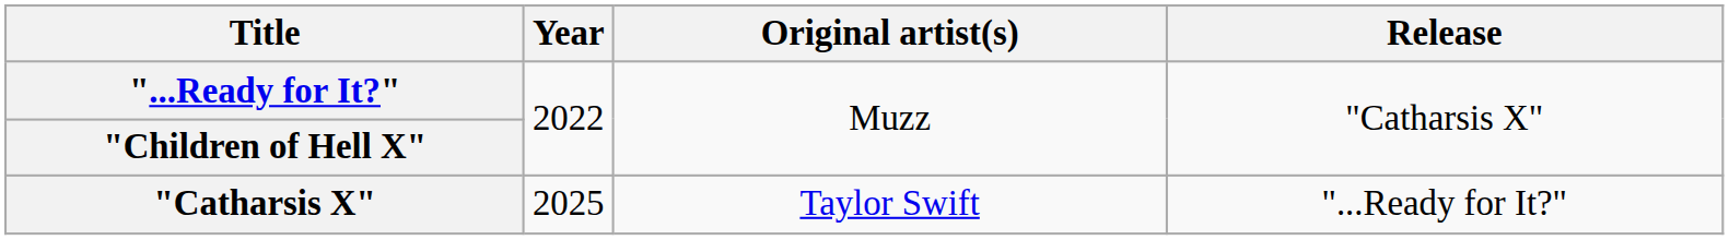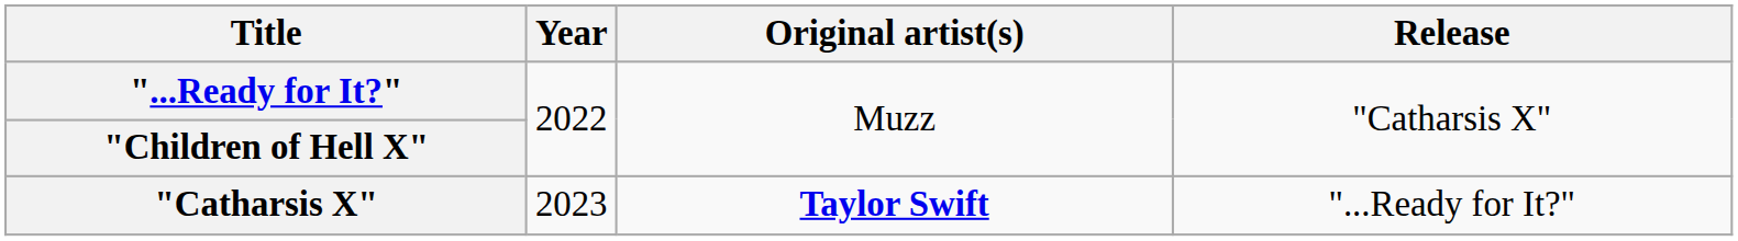 <table class="wikitable plainrowheaders" style="text-align:center;">
 <tr>
 <th scope="col" style="width:14em;">Title</th>
 <th scope="col">Year</th>
 <th scope="col" style="width:15em;">Original artist(s)</th>
 <th scope="col" style="width:15em;">Release</th>
 </tr>
 <tr>
 <th scope="row">"<a href='#'>...Ready for It?</a>"<br></th>
 <td rowspan="2">2022</td>
 <td rowspan="2">Muzz</td>
 <td rowspan="2">"Catharsis X"</td>
 </tr>
 <tr>
 <th scope="row">"Children of Hell X"</th>
 </tr>
 <tr>
 <th scope="row">"Catharsis X"</th>
-<td>2025</td>
-<td><a href='#'>Taylor Swift</a></td>
+<td>2023</td>
+<td><strong><a href='#'>Taylor Swift</a></strong></td>
 <td>"...Ready for It?"</td>
 </tr>
 </table>
